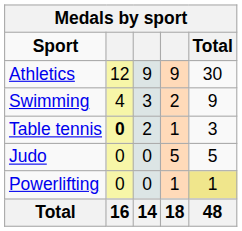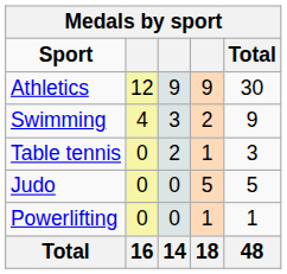 <table class="wikitable" border="1"  style="float:right">
 <tr>
 <th colspan=5><strong>Medals by sport</strong></th>
 </tr>
 <tr align=center>
 <td><strong>Sport</strong></td>
 <th bgcolor=#f7f6a8></th>
 <th bgcolor=#dce5e5></th>
 <th bgcolor=#ffdab9></th>
 <th><strong>Total</strong></th>
 </tr>
 <tr align=center>
 <td align=left><a href='#'>Athletics</a></td>
 <td bgcolor=#f7f6a8>12</td>
 <td bgcolor=#dce5e5>9</td>
 <td bgcolor=#ffdab9>9</td>
 <td>30</td>
 </tr>
 <tr align=center>
 <td align=left><a href='#'>Swimming</a></td>
 <td bgcolor=#f7f6a8>4</td>
 <td bgcolor=#dce5e5>3</td>
 <td bgcolor=#ffdab9>2</td>
 <td>9</td>
 </tr>
 <tr align=center>
 <td align=left><a href='#'>Table tennis</a></td>
-<td bgcolor=#f7f6a8><strong>0</strong></td>
+<td bgcolor=#f7f6a8>0</td>
 <td bgcolor=#dce5e5>2</td>
 <td bgcolor=#ffdab9>1</td>
 <td>3</td>
 </tr>
 <tr align=center>
 <td align=left><a href='#'>Judo</a></td>
 <td bgcolor=#f7f6a8>0</td>
 <td bgcolor=#dce5e5>0</td>
 <td bgcolor=#ffdab9>5</td>
 <td>5</td>
 </tr>
 <tr align=center>
 <td align=left><a href='#'>Powerlifting</a></td>
 <td bgcolor=#f7f6a8>0</td>
 <td bgcolor=#dce5e5>0</td>
 <td bgcolor=#ffdab9>1</td>
-<td style="background: khaki;">1</td>
+<td>1</td>
 </tr>
 <tr align=center>
 <th bgcolor=#efefef><strong>Total</strong></th>
 <th bgcolor=#f7f6a8>16</th>
 <th bgcolor=#dce5e5>14</th>
 <th bgcolor=#ffdab9>18</th>
 <th>48</th>
 </tr>
 </table>
